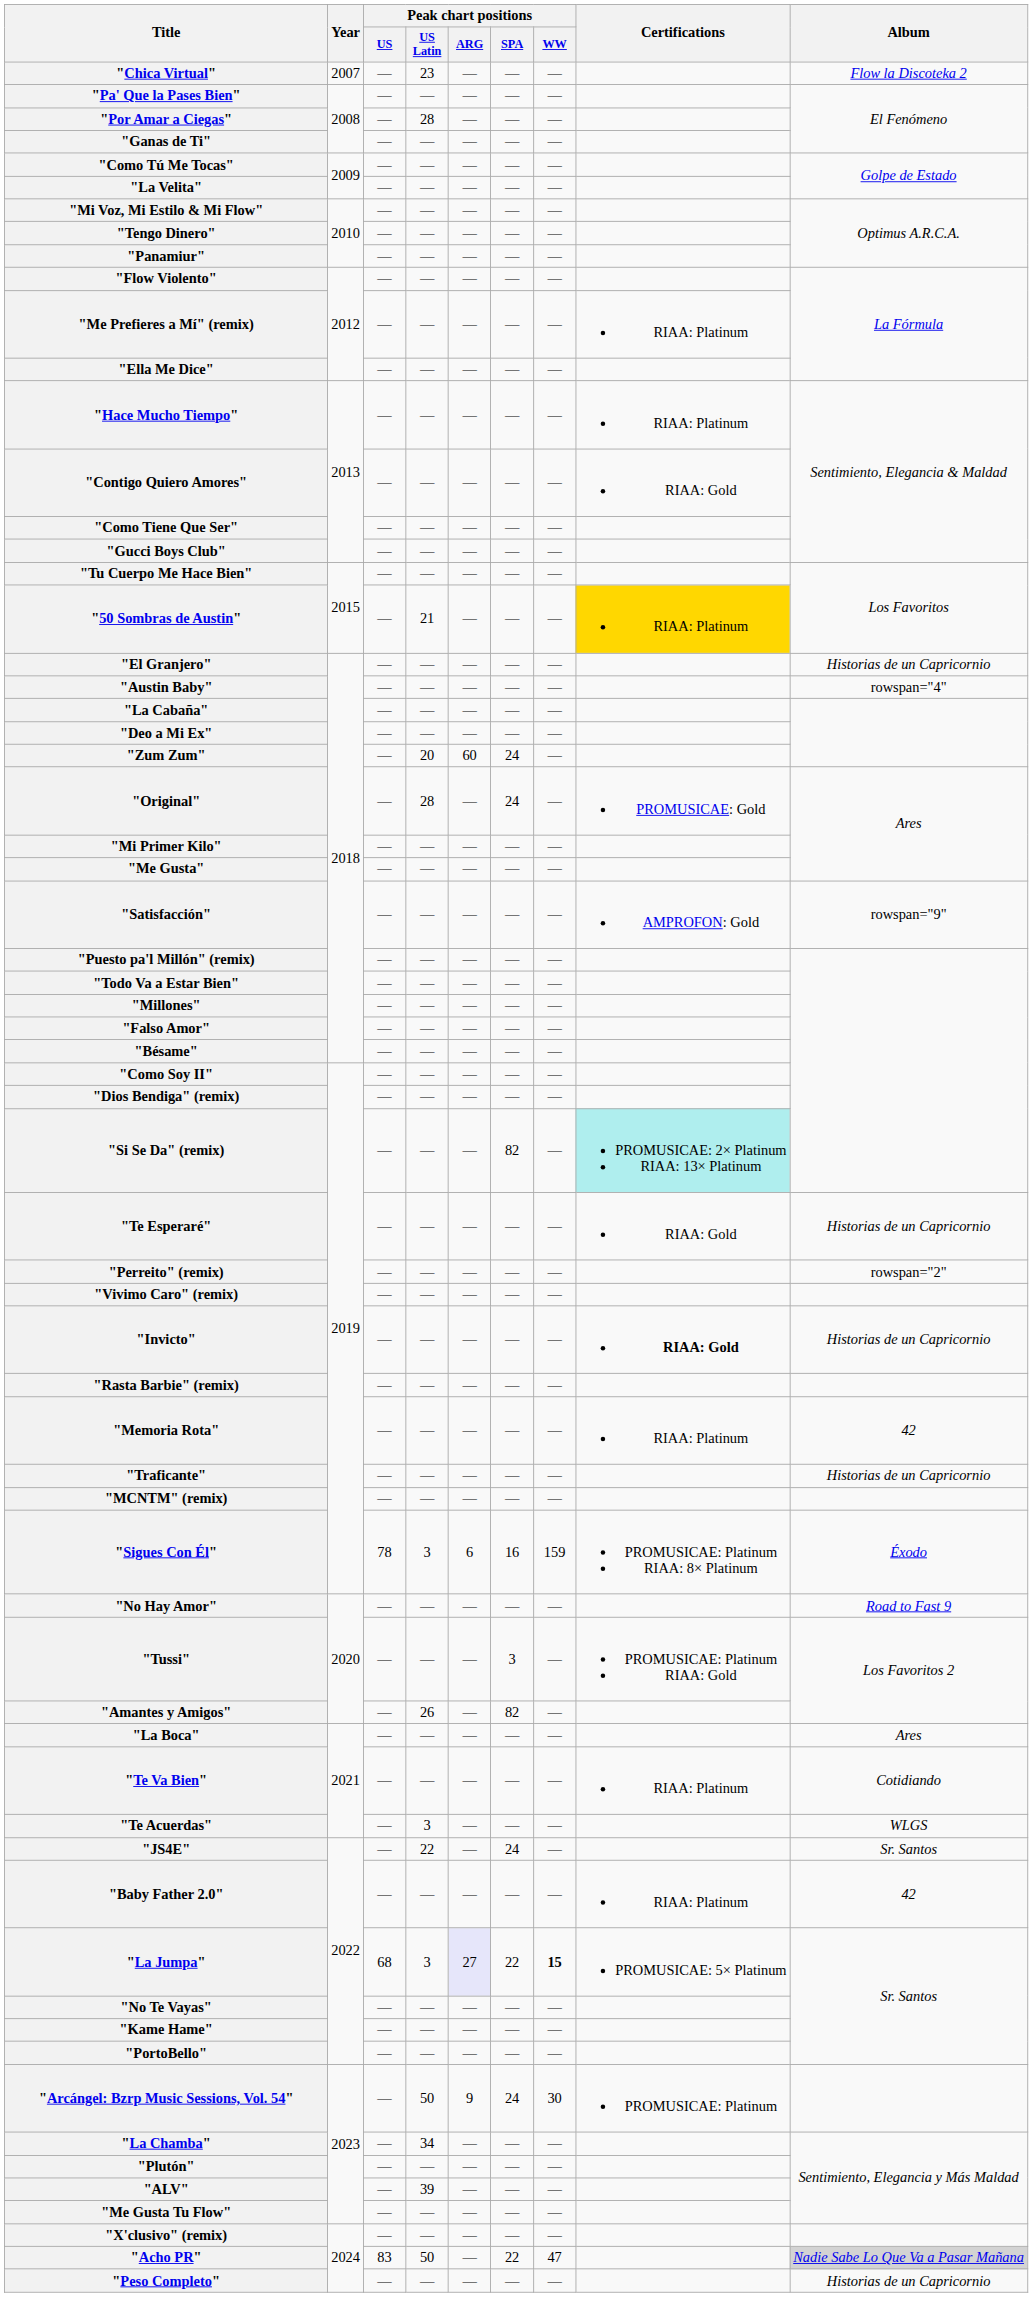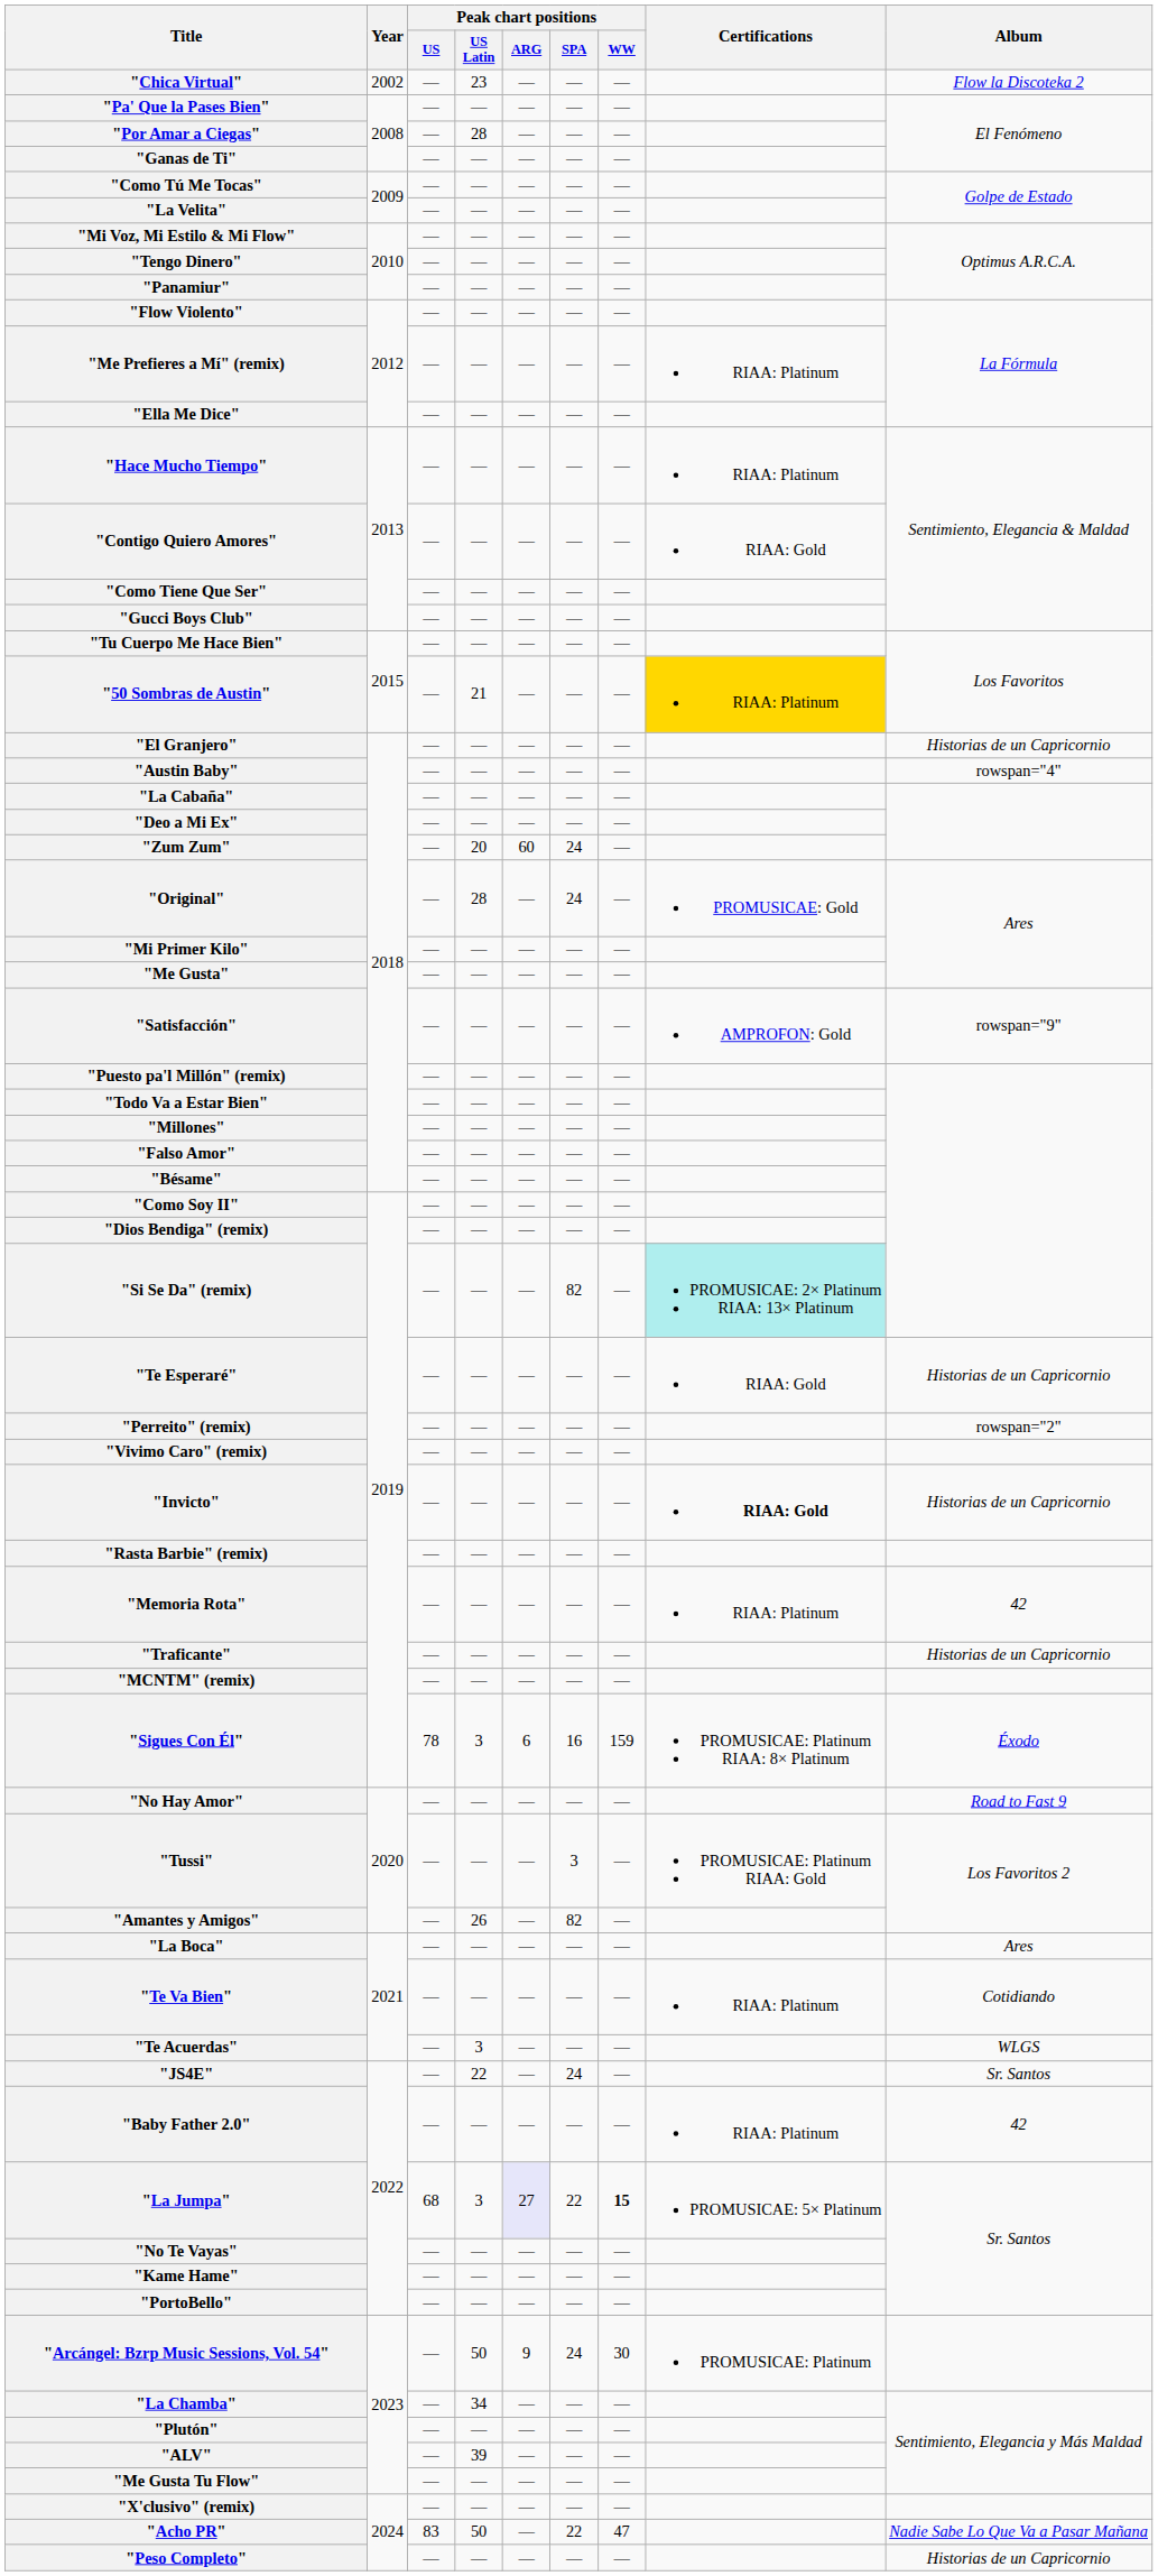 <table class="wikitable plainrowheaders" style="text-align:center;">
 <tr>
 <th rowspan="2" style="width:22em;">Title</th>
 <th scope="col" rowspan="2">Year</th>
 <th scope="col" colspan="5">Peak chart positions</th>
 <th scope="col" rowspan="2">Certifications</th>
 <th scope="col" rowspan="2">Album</th>
 </tr>
 <tr>
 <th scope="col" style="width:3em;font-size:85%"><a href='#'>US</a><br></th>
 <th scope="col" style="width:3em;font-size:85%"><a href='#'>US<br>Latin</a><br></th>
 <th scope="col" style="width:3em;font-size:85%"><a href='#'>ARG</a><br></th>
 <th scope="col" style="width:3em; font-size:85%"><a href='#'>SPA</a><br></th>
 <th scope="col" style="width:3em;font-size:85%"><a href='#'>WW</a><br></th>
 </tr>
 <tr>
 <th scope="row">"<a href='#'>Chica Virtual</a>"</th>
-<td>2007</td>
+<td>2002</td>
 <td>—</td>
 <td>23</td>
 <td>—</td>
 <td>—</td>
 <td>—</td>
 <td></td>
 <td><em><a href='#'>Flow la Discoteka 2</a></em></td>
 </tr>
 <tr>
 <th scope="row">"<a href='#'>Pa' Que la Pases Bien</a>"</th>
 <td rowspan="3">2008</td>
 <td>—</td>
 <td>—</td>
 <td>—</td>
 <td>—</td>
 <td>—</td>
 <td></td>
 <td rowspan="3"><em>El Fenómeno</em></td>
 </tr>
 <tr>
 <th scope="row">"<a href='#'>Por Amar a Ciegas</a>"</th>
 <td>—</td>
 <td>28</td>
 <td>—</td>
 <td>—</td>
 <td>—</td>
 <td></td>
 </tr>
 <tr>
 <th scope="row">"Ganas de Ti"</th>
 <td>—</td>
 <td>—</td>
 <td>—</td>
 <td>—</td>
 <td>—</td>
 <td></td>
 </tr>
 <tr>
 <th scope="row">"Como Tú Me Tocas"</th>
 <td rowspan="2">2009</td>
 <td>—</td>
 <td>—</td>
 <td>—</td>
 <td>—</td>
 <td>—</td>
 <td></td>
 <td rowspan="2"><em><a href='#'>Golpe de Estado</a></em></td>
 </tr>
 <tr>
 <th scope="row">"La Velita"<br></th>
 <td>—</td>
 <td>—</td>
 <td>—</td>
 <td>—</td>
 <td>—</td>
 <td></td>
 </tr>
 <tr>
 <th scope="row">"Mi Voz, Mi Estilo & Mi Flow"</th>
 <td rowspan="3">2010</td>
 <td>—</td>
 <td>—</td>
 <td>—</td>
 <td>—</td>
 <td>—</td>
 <td></td>
 <td rowspan="3"><em>Optimus A.R.C.A.</em></td>
 </tr>
 <tr>
 <th scope="row">"Tengo Dinero"</th>
 <td>—</td>
 <td>—</td>
 <td>—</td>
 <td>—</td>
 <td>—</td>
 <td></td>
 </tr>
 <tr>
 <th scope="row">"Panamiur"</th>
 <td>—</td>
 <td>—</td>
 <td>—</td>
 <td>—</td>
 <td>—</td>
 <td></td>
 </tr>
 <tr>
 <th scope="row">"Flow Violento"</th>
 <td rowspan="3">2012</td>
 <td>—</td>
 <td>—</td>
 <td>—</td>
 <td>—</td>
 <td>—</td>
 <td></td>
 <td rowspan="3"><em><a href='#'>La Fórmula</a></em></td>
 </tr>
 <tr>
 <th scope="row">"Me Prefieres a Mí" (remix)<br></th>
 <td>—</td>
 <td>—</td>
 <td>—</td>
 <td>—</td>
 <td>—</td>
 <td><br><ul><li>RIAA: Platinum </li></ul></td>
 </tr>
 <tr>
 <th scope="row">"Ella Me Dice"<br></th>
 <td>—</td>
 <td>—</td>
 <td>—</td>
 <td>—</td>
 <td>—</td>
 <td></td>
 </tr>
 <tr>
 <th scope="row">"<a href='#'>Hace Mucho Tiempo</a>"</th>
 <td rowspan="4">2013</td>
 <td>—</td>
 <td>—</td>
 <td>—</td>
 <td>—</td>
 <td>—</td>
 <td><br><ul><li>RIAA: Platinum </li></ul></td>
 <td rowspan="4"><em>Sentimiento, Elegancia & Maldad</em></td>
 </tr>
 <tr>
 <th scope="row">"Contigo Quiero Amores"</th>
 <td>—</td>
 <td>—</td>
 <td>—</td>
 <td>—</td>
 <td>—</td>
 <td><br><ul><li>RIAA: Gold </li></ul></td>
 </tr>
 <tr>
 <th scope="row">"Como Tiene Que Ser"</th>
 <td>—</td>
 <td>—</td>
 <td>—</td>
 <td>—</td>
 <td>—</td>
 <td></td>
 </tr>
 <tr>
 <th scope="row">"Gucci Boys Club"</th>
 <td>—</td>
 <td>—</td>
 <td>—</td>
 <td>—</td>
 <td>—</td>
 <td></td>
 </tr>
 <tr>
 <th scope="row">"Tu Cuerpo Me Hace Bien"<br></th>
 <td rowspan="2">2015</td>
 <td>—</td>
 <td>—</td>
 <td>—</td>
 <td>—</td>
 <td>—</td>
 <td></td>
 <td rowspan="2"><em>Los Favoritos</em></td>
 </tr>
 <tr>
 <th scope="row">"<a href='#'>50 Sombras de Austin</a>"<br></th>
 <td>—</td>
 <td>21</td>
 <td>—</td>
 <td>—</td>
 <td>—</td>
 <td style="background: gold;"><br><ul><li>RIAA: Platinum </li></ul></td>
 </tr>
 <tr>
 <th scope="row">"El Granjero"</th>
 <td rowspan="14">2018</td>
 <td>—</td>
 <td>—</td>
 <td>—</td>
 <td>—</td>
 <td>—</td>
 <td></td>
 <td><em>Historias de un Capricornio</em></td>
 </tr>
 <tr>
 <th scope="row">"Austin Baby"</th>
 <td>—</td>
 <td>—</td>
 <td>—</td>
 <td>—</td>
 <td>—</td>
 <td></td>
 <td>rowspan="4" </td>
 </tr>
 <tr>
 <th scope="row">"La Cabaña"<br></th>
 <td>—</td>
 <td>—</td>
 <td>—</td>
 <td>—</td>
 <td>—</td>
 <td></td>
 </tr>
 <tr>
 <th scope="row">"Deo a Mi Ex"<br></th>
 <td>—</td>
 <td>—</td>
 <td>—</td>
 <td>—</td>
 <td>—</td>
 <td></td>
 </tr>
 <tr>
 <th scope="row">"Zum Zum"<br></th>
 <td>—</td>
 <td>20</td>
 <td>60</td>
 <td>24</td>
 <td>—</td>
 <td></td>
 </tr>
 <tr>
 <th scope="row">"Original"<br></th>
 <td>—</td>
 <td>28</td>
 <td>—</td>
 <td>24</td>
 <td>—</td>
 <td><br><ul><li><a href='#'>PROMUSICAE</a>: Gold</li></ul></td>
 <td rowspan="3"><em>Ares</em></td>
 </tr>
 <tr>
 <th scope="row">"Mi Primer Kilo"</th>
 <td>—</td>
 <td>—</td>
 <td>—</td>
 <td>—</td>
 <td>—</td>
 <td></td>
 </tr>
 <tr>
 <th scope="row">"Me Gusta"</th>
 <td>—</td>
 <td>—</td>
 <td>—</td>
 <td>—</td>
 <td>—</td>
 <td></td>
 </tr>
 <tr>
 <th scope="row">"Satisfacción"<br></th>
 <td>—</td>
 <td>—</td>
 <td>—</td>
 <td>—</td>
 <td>—</td>
 <td><br><ul><li><a href='#'>AMPROFON</a>: Gold</li></ul></td>
 <td>rowspan="9" </td>
 </tr>
 <tr>
 <th scope="row">"Puesto pa'l Millón" (remix)<br></th>
 <td>—</td>
 <td>—</td>
 <td>—</td>
 <td>—</td>
 <td>—</td>
 <td></td>
 </tr>
 <tr>
 <th scope="row">"Todo Va a Estar Bien"<br></th>
 <td>—</td>
 <td>—</td>
 <td>—</td>
 <td>—</td>
 <td>—</td>
 <td></td>
 </tr>
 <tr>
 <th scope="row">"Millones"<br></th>
 <td>—</td>
 <td>—</td>
 <td>—</td>
 <td>—</td>
 <td>—</td>
 <td></td>
 </tr>
 <tr>
 <th scope="row">"Falso Amor"<br></th>
 <td>—</td>
 <td>—</td>
 <td>—</td>
 <td>—</td>
 <td>—</td>
 <td></td>
 </tr>
 <tr>
 <th scope="row">"Bésame"<br></th>
 <td>—</td>
 <td>—</td>
 <td>—</td>
 <td>—</td>
 <td>—</td>
 <td></td>
 </tr>
 <tr>
 <th scope="row">"Como Soy II"<br></th>
 <td rowspan="12">2019</td>
 <td>—</td>
 <td>—</td>
 <td>—</td>
 <td>—</td>
 <td>—</td>
 <td></td>
 </tr>
 <tr>
 <th scope="row">"Dios Bendiga" (remix)<br></th>
 <td>—</td>
 <td>—</td>
 <td>—</td>
 <td>—</td>
 <td>—</td>
 <td></td>
 </tr>
 <tr>
 <th scope="row">"Si Se Da" (remix)<br></th>
 <td>—</td>
 <td>—</td>
 <td>—</td>
 <td>82</td>
 <td>—</td>
 <td style="background: paleturquoise;"><br><ul><li>PROMUSICAE: 2× Platinum</li><li>RIAA: 13× Platinum </li></ul></td>
 </tr>
 <tr>
 <th scope="row">"Te Esperaré"</th>
 <td>—</td>
 <td>—</td>
 <td>—</td>
 <td>—</td>
 <td>—</td>
 <td><br><ul><li>RIAA: Gold </li></ul></td>
 <td><em>Historias de un Capricornio</em></td>
 </tr>
 <tr>
 <th scope="row">"Perreito" (remix)<br></th>
 <td>—</td>
 <td>—</td>
 <td>—</td>
 <td>—</td>
 <td>—</td>
 <td></td>
 <td>rowspan="2" </td>
 </tr>
 <tr>
 <th scope="row">"Vivimo Caro" (remix)<br></th>
 <td>—</td>
 <td>—</td>
 <td>—</td>
 <td>—</td>
 <td>—</td>
 <td></td>
 </tr>
 <tr>
 <th scope="row">"Invicto"</th>
 <td>—</td>
 <td>—</td>
 <td>—</td>
 <td>—</td>
 <td>—</td>
 <td><strong><br><ul><li>RIAA: Gold </li></ul></strong></td>
 <td><em>Historias de un Capricornio</em></td>
 </tr>
 <tr>
 <th scope="row">"Rasta Barbie" (remix)<br></th>
 <td>—</td>
 <td>—</td>
 <td>—</td>
 <td>—</td>
 <td>—</td>
 <td></td>
 <td></td>
 </tr>
 <tr>
 <th scope="row">"Memoria Rota"<br></th>
 <td>—</td>
 <td>—</td>
 <td>—</td>
 <td>—</td>
 <td>—</td>
 <td><br><ul><li>RIAA: Platinum </li></ul></td>
 <td><em>42</em></td>
 </tr>
 <tr>
 <th scope="row">"Traficante"<br></th>
 <td>—</td>
 <td>—</td>
 <td>—</td>
 <td>—</td>
 <td>—</td>
 <td></td>
 <td><em>Historias de un Capricornio</em></td>
 </tr>
 <tr>
 <th scope="row">"MCNTM" (remix)<br></th>
 <td>—</td>
 <td>—</td>
 <td>—</td>
 <td>—</td>
 <td>—</td>
 <td></td>
 </tr>
 <tr>
 <th scope="row">"<a href='#'>Sigues Con Él</a>"<br></th>
 <td>78</td>
 <td>3</td>
 <td>6</td>
 <td>16</td>
 <td>159</td>
 <td><br><ul><li>PROMUSICAE: Platinum</li><li>RIAA: 8× Platinum </li></ul></td>
 <td><em><a href='#'>Éxodo</a></em></td>
 </tr>
 <tr>
 <th scope="row">"No Hay Amor"</th>
 <td rowspan="3">2020</td>
 <td>—</td>
 <td>—</td>
 <td>—</td>
 <td>—</td>
 <td>—</td>
 <td></td>
 <td><em><a href='#'>Road to Fast 9</a></em></td>
 </tr>
 <tr>
 <th scope="row">"Tussi"<br></th>
 <td>—</td>
 <td>—</td>
 <td>—</td>
 <td>3</td>
 <td>—</td>
 <td><br><ul><li>PROMUSICAE: Platinum</li><li>RIAA: Gold </li></ul></td>
 <td rowspan="2"><em>Los Favoritos 2</em></td>
 </tr>
 <tr>
 <th scope="row">"Amantes y Amigos"<br></th>
 <td>—</td>
 <td>26</td>
 <td>—</td>
 <td>82</td>
 <td>—</td>
 <td></td>
 </tr>
 <tr>
 <th scope="row">"La Boca"<br></th>
 <td rowspan="3">2021</td>
 <td>—</td>
 <td>—</td>
 <td>—</td>
 <td>—</td>
 <td>—</td>
 <td></td>
 <td><em>Ares</em></td>
 </tr>
 <tr>
 <th scope="row">"<a href='#'>Te Va Bien</a>"<br></th>
 <td>—</td>
 <td>—</td>
 <td>—</td>
 <td>—</td>
 <td>—</td>
 <td><br><ul><li>RIAA: Platinum </li></ul></td>
 <td><em>Cotidiando</em></td>
 </tr>
 <tr>
 <th scope="row">"Te Acuerdas"<br></th>
 <td>—</td>
 <td>3</td>
 <td>—</td>
 <td>—</td>
 <td>—</td>
 <td></td>
 <td><em>WLGS</em></td>
 </tr>
 <tr>
 <th scope="row">"JS4E"</th>
 <td rowspan="6">2022</td>
 <td>—</td>
 <td>22</td>
 <td>—</td>
 <td>24</td>
 <td>—</td>
 <td></td>
 <td><em>Sr. Santos</em></td>
 </tr>
 <tr>
 <th scope="row">"Baby Father 2.0"<br></th>
 <td>—</td>
 <td>—</td>
 <td>—</td>
 <td>—</td>
 <td>—</td>
 <td><br><ul><li>RIAA: Platinum </li></ul></td>
 <td><em>42</em></td>
 </tr>
 <tr>
 <th scope="row">"<a href='#'>La Jumpa</a>"<br></th>
 <td>68</td>
 <td>3</td>
 <td style="background: lavender;">27</td>
 <td>22</td>
 <td><strong>15</strong></td>
 <td><br><ul><li>PROMUSICAE: 5× Platinum</li></ul></td>
 <td rowspan="4"><em>Sr. Santos</em></td>
 </tr>
 <tr>
 <th scope="row">"No Te Vayas"</th>
 <td>—</td>
 <td>—</td>
 <td>—</td>
 <td>—</td>
 <td>—</td>
 <td></td>
 </tr>
 <tr>
 <th scope="row">"Kame Hame"</th>
 <td>—</td>
 <td>—</td>
 <td>—</td>
 <td>—</td>
 <td>—</td>
 <td></td>
 </tr>
 <tr>
 <th scope="row">"PortoBello"</th>
 <td>—</td>
 <td>—</td>
 <td>—</td>
 <td>—</td>
 <td>—</td>
 <td></td>
 </tr>
 <tr>
 <th scope="row">"<a href='#'>Arcángel: Bzrp Music Sessions, Vol. 54</a>"<br></th>
 <td rowspan="5">2023</td>
 <td>—</td>
 <td>50</td>
 <td>9</td>
 <td>24</td>
 <td>30</td>
 <td><br><ul><li>PROMUSICAE: Platinum</li></ul></td>
 <td></td>
 </tr>
 <tr>
 <th scope="row">"<a href='#'>La Chamba</a>"<br></th>
 <td>—</td>
 <td>34</td>
 <td>—</td>
 <td>—</td>
 <td>—</td>
 <td></td>
 <td rowspan="4"><em>Sentimiento, Elegancia y Más Maldad</em></td>
 </tr>
 <tr>
 <th scope="row">"Plutón"</th>
 <td>—</td>
 <td>—</td>
 <td>—</td>
 <td>—</td>
 <td>—</td>
 <td></td>
 </tr>
 <tr>
 <th scope="row">"ALV"<br></th>
 <td>—</td>
 <td>39</td>
 <td>—</td>
 <td>—</td>
 <td>—</td>
 <td></td>
 </tr>
 <tr>
 <th scope="row">"Me Gusta Tu Flow"</th>
 <td>—</td>
 <td>—</td>
 <td>—</td>
 <td>—</td>
 <td>—</td>
 <td></td>
 </tr>
 <tr>
 <th scope="row">"X'clusivo" (remix)<br></th>
 <td rowspan="3">2024</td>
 <td>—</td>
 <td>—</td>
 <td>—</td>
 <td>—</td>
 <td>—</td>
 <td></td>
 <td></td>
 </tr>
 <tr>
 <th scope="row">"<a href='#'>Acho PR</a>"<br></th>
 <td>83</td>
 <td>50</td>
 <td>—</td>
 <td>22</td>
 <td>47</td>
 <td></td>
-<td style="background: lightgrey;"><em><a href='#'>Nadie Sabe Lo Que Va a Pasar Mañana</a></em></td>
+<td><em><a href='#'>Nadie Sabe Lo Que Va a Pasar Mañana</a></em></td>
 </tr>
 <tr>
 <th scope="row">"<a href='#'>Peso Completo</a>"<br></th>
 <td>—</td>
 <td>—</td>
 <td>—</td>
 <td>—</td>
 <td>—</td>
 <td></td>
 <td><em>Historias de un Capricornio</em></td>
 </tr>
 </table>
